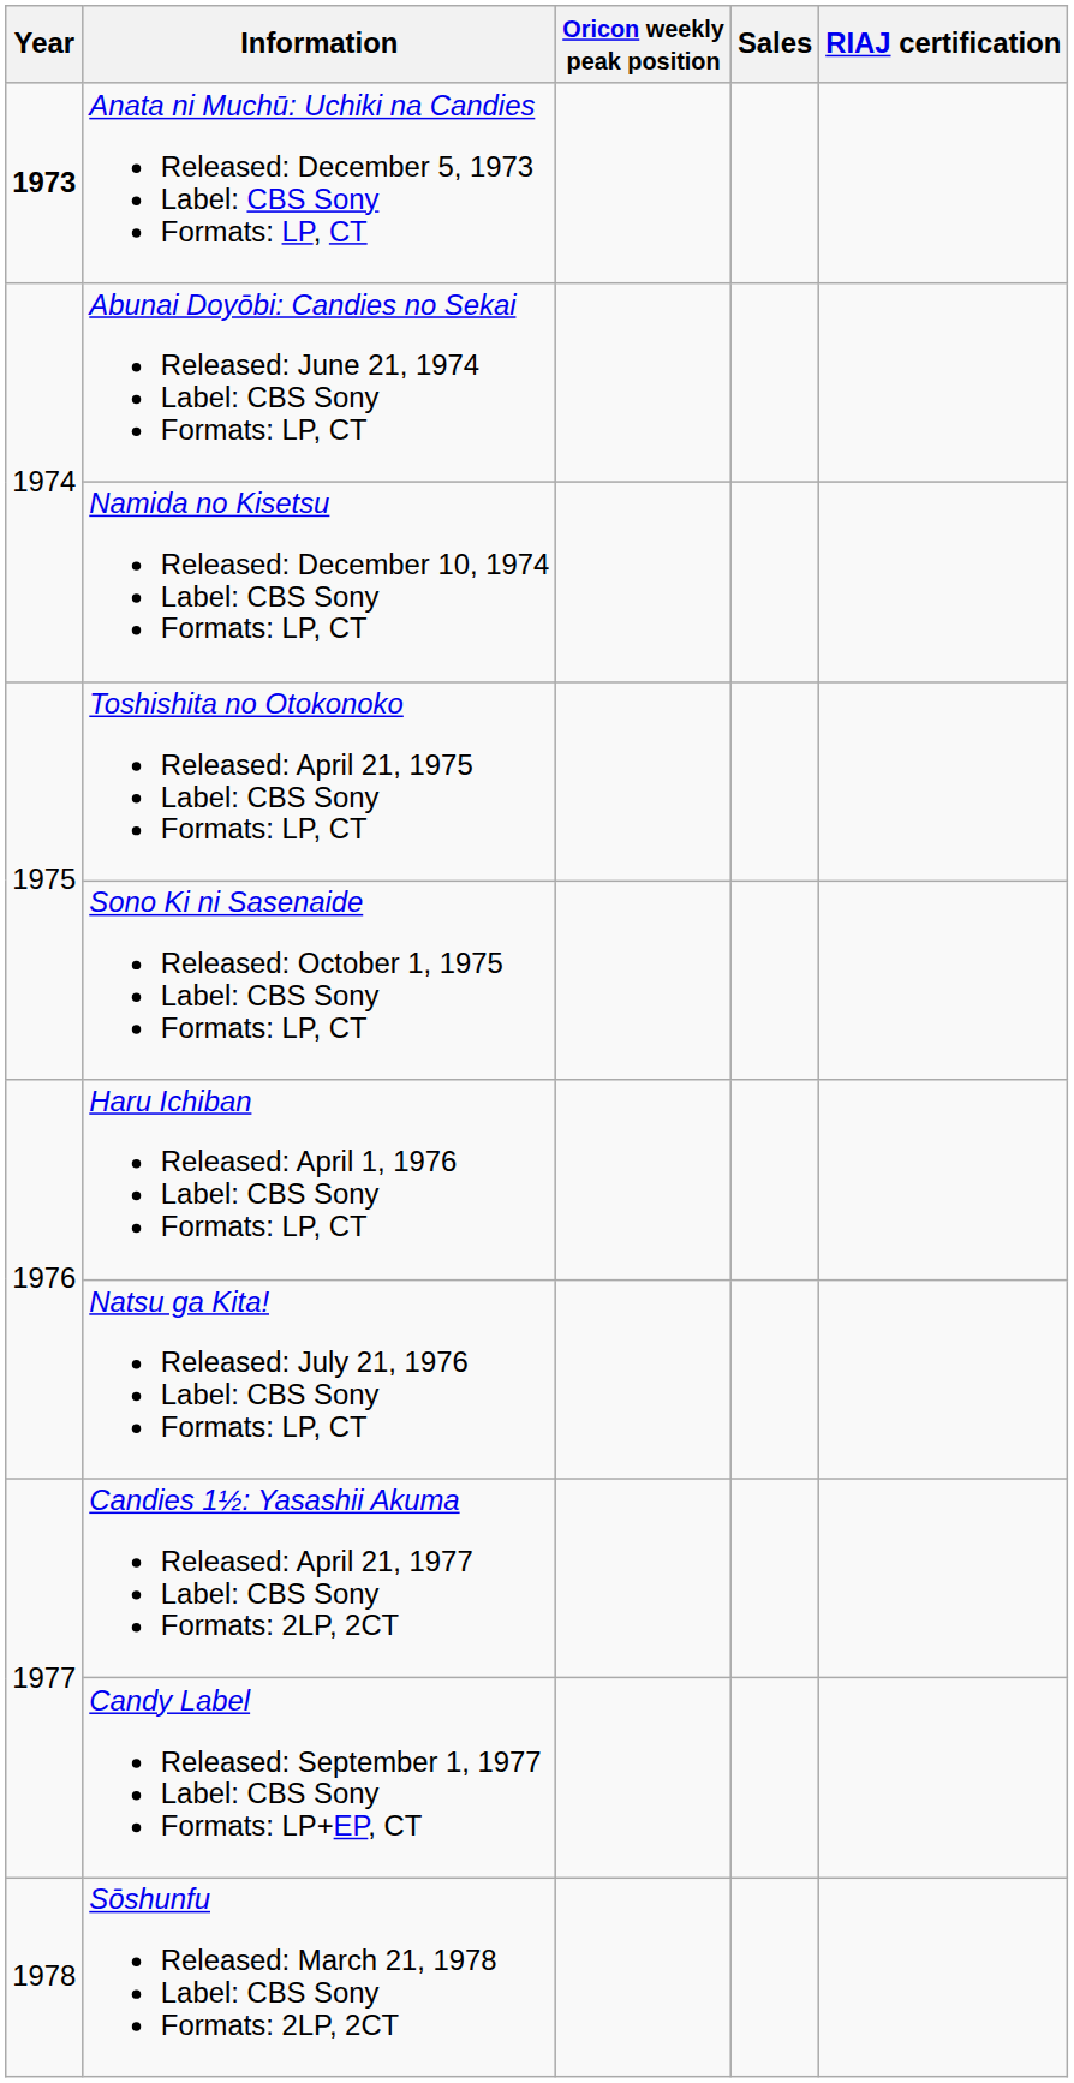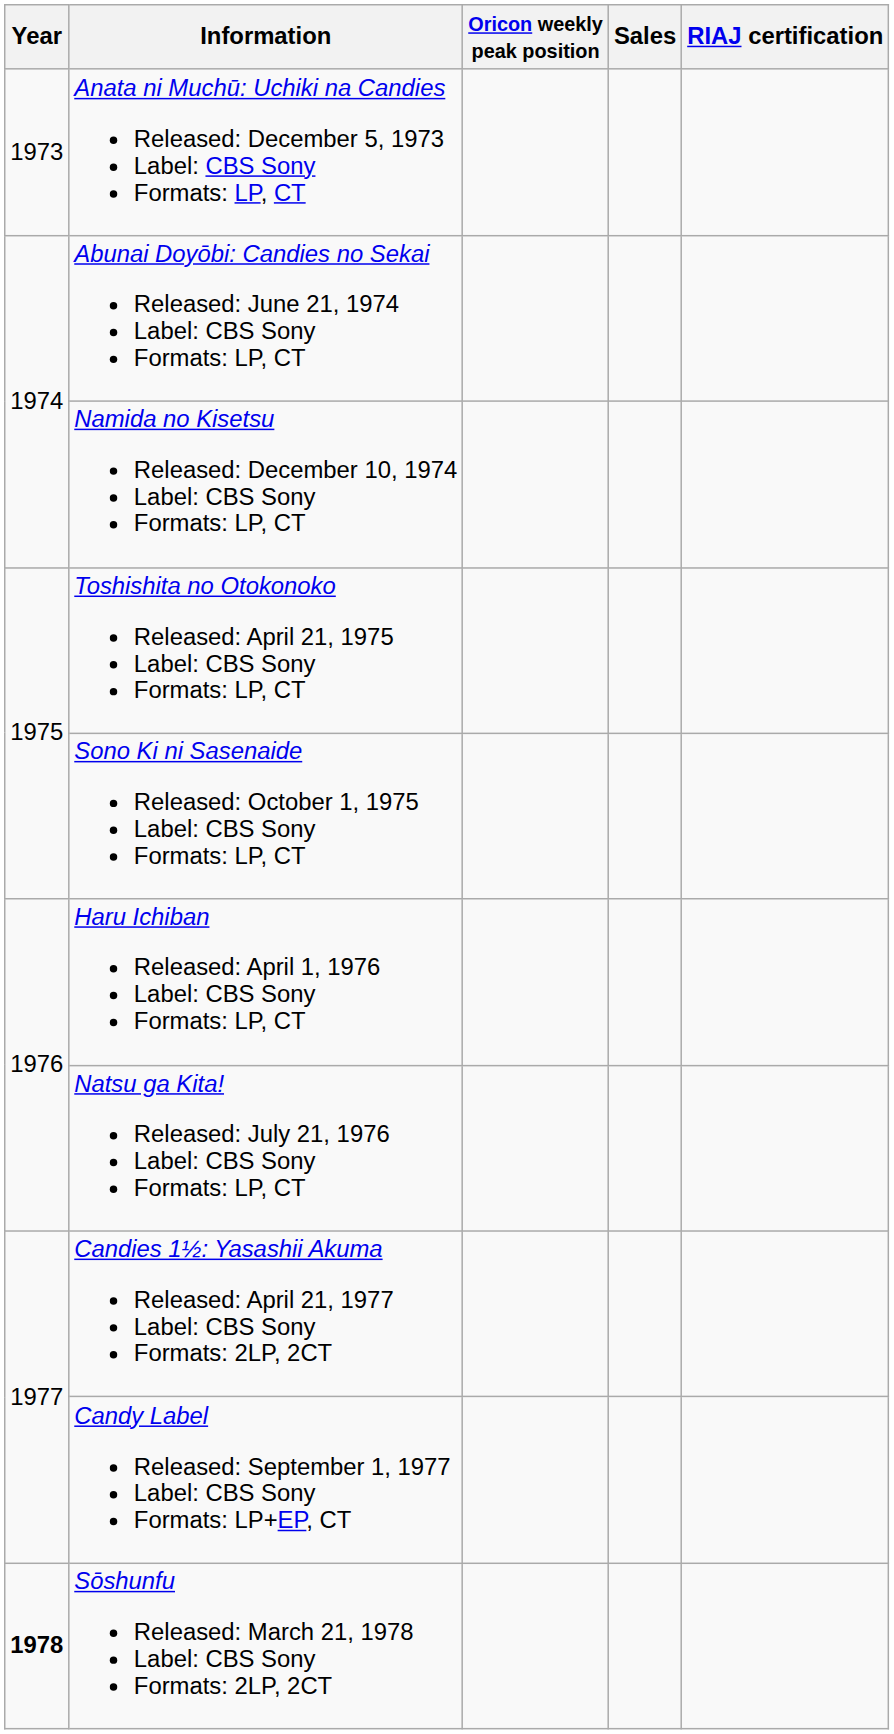 <table class="wikitable">
 <tr>
 <th>Year</th>
 <th>Information</th>
 <th><small><a href='#'>Oricon</a> weekly<br>peak position</small></th>
 <th>Sales<br></th>
 <th><a href='#'>RIAJ</a> certification</th>
 </tr>
 <tr>
-<td><strong>1973</strong></td>
+<td>1973</td>
 <td><em><a href='#'>Anata ni Muchū: Uchiki na Candies</a></em><br><ul><li>Released: December 5, 1973</li><li>Label: <a href='#'>CBS Sony</a></li><li>Formats: <a href='#'>LP</a>, <a href='#'>CT</a></li></ul></td>
 <td style="text-align:center;"></td>
 <td align="left"></td>
 <td align="left"></td>
 </tr>
 <tr>
 <td rowspan="2">1974</td>
 <td><em><a href='#'>Abunai Doyōbi: Candies no Sekai</a></em><br><ul><li>Released: June 21, 1974</li><li>Label: CBS Sony</li><li>Formats: LP, CT</li></ul></td>
 <td style="text-align:center;"></td>
 <td align="left"></td>
 <td align="left"></td>
 </tr>
 <tr>
 <td><em><a href='#'>Namida no Kisetsu</a></em><br><ul><li>Released: December 10, 1974</li><li>Label: CBS Sony</li><li>Formats: LP, CT</li></ul></td>
 <td style="text-align:center;"></td>
 <td align="left"></td>
 <td align="left"></td>
 </tr>
 <tr>
 <td rowspan="2">1975</td>
 <td><em><a href='#'>Toshishita no Otokonoko</a></em><br><ul><li>Released: April 21, 1975</li><li>Label: CBS Sony</li><li>Formats: LP, CT</li></ul></td>
 <td style="text-align:center;"></td>
 <td align="left"></td>
 <td align="left"></td>
 </tr>
 <tr>
 <td><em><a href='#'>Sono Ki ni Sasenaide</a></em><br><ul><li>Released: October 1, 1975</li><li>Label: CBS Sony</li><li>Formats: LP, CT</li></ul></td>
 <td style="text-align:center;"></td>
 <td align="left"></td>
 <td align="left"></td>
 </tr>
 <tr>
 <td rowspan="2">1976</td>
 <td><em><a href='#'>Haru Ichiban</a></em><br><ul><li>Released: April 1, 1976</li><li>Label: CBS Sony</li><li>Formats: LP, CT</li></ul></td>
 <td style="text-align:center;"></td>
 <td align="left"></td>
 <td align="left"></td>
 </tr>
 <tr>
 <td><em><a href='#'>Natsu ga Kita!</a></em><br><ul><li>Released: July 21, 1976</li><li>Label: CBS Sony</li><li>Formats: LP, CT</li></ul></td>
 <td style="text-align:center;"></td>
 <td align="left"></td>
 <td align="left"></td>
 </tr>
 <tr>
 <td rowspan="2">1977</td>
 <td><em><a href='#'>Candies 1½: Yasashii Akuma</a></em><br><ul><li>Released: April 21, 1977</li><li>Label: CBS Sony</li><li>Formats: 2LP, 2CT</li></ul></td>
 <td style="text-align:center;"></td>
 <td align="left"></td>
 <td align="left"></td>
 </tr>
 <tr>
 <td><em><a href='#'>Candy Label</a></em><br><ul><li>Released: September 1, 1977</li><li>Label: CBS Sony</li><li>Formats: LP+<a href='#'>EP</a>, CT</li></ul></td>
 <td style="text-align:center;"></td>
 <td align="left"></td>
 <td align="left"></td>
 </tr>
 <tr>
-<td>1978</td>
+<td><strong>1978</strong></td>
 <td><em><a href='#'>Sōshunfu</a></em><br><ul><li>Released: March 21, 1978</li><li>Label: CBS Sony</li><li>Formats: 2LP, 2CT</li></ul></td>
 <td style="text-align:center;"></td>
 <td align="left"></td>
 <td align="left"></td>
 </tr>
 </table>
